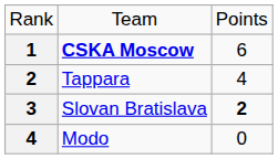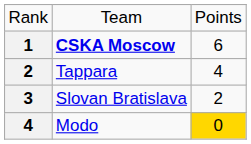 <table class="wikitable" style="text-align: center;">
 <tr>
 <td>Rank</td>
 <td>Team</td>
 <td>Points</td>
 </tr>
 <tr>
 <th>1</th>
 <td style="text-align: left;"> <strong><a href='#'>CSKA Moscow</a></strong></td>
 <td>6</td>
 </tr>
 <tr>
 <th>2</th>
 <td style="text-align: left;"> <a href='#'>Tappara</a></td>
 <td>4</td>
 </tr>
 <tr>
 <th>3</th>
 <td style="text-align: left;"> <a href='#'>Slovan Bratislava</a></td>
-<td><strong>2</strong></td>
+<td>2</td>
 </tr>
 <tr>
 <th>4</th>
 <td style="text-align: left;"> <a href='#'>Modo</a></td>
-<td>0</td>
+<td style="background: gold;">0</td>
 </tr>
 </table>
